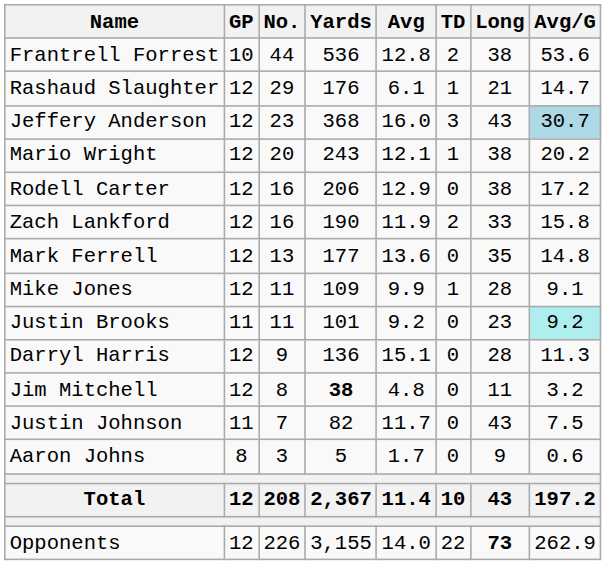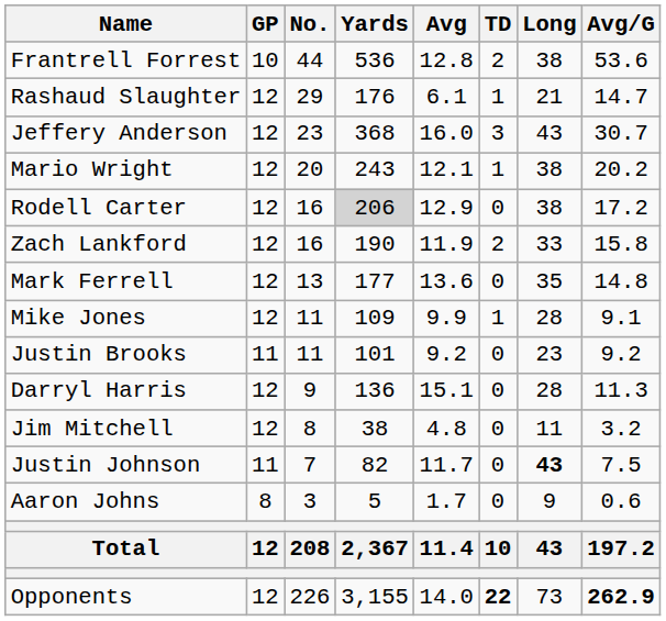 <table class=wikitable style="text-align:center;">
 <tr>
 <th>Name</th>
 <th>GP</th>
 <th>No.</th>
 <th>Yards</th>
 <th>Avg</th>
 <th>TD</th>
 <th>Long</th>
 <th>Avg/G</th>
 </tr>
 <tr>
 <td align=left>Frantrell Forrest</td>
 <td>10</td>
 <td>44</td>
 <td>536</td>
 <td>12.8</td>
 <td>2</td>
 <td>38</td>
 <td>53.6</td>
 </tr>
 <tr>
 <td align=left>Rashaud Slaughter</td>
 <td>12</td>
 <td>29</td>
 <td>176</td>
 <td>6.1</td>
 <td>1</td>
 <td>21</td>
 <td>14.7</td>
 </tr>
 <tr>
 <td align=left>Jeffery Anderson</td>
 <td>12</td>
 <td>23</td>
 <td>368</td>
 <td>16.0</td>
 <td>3</td>
 <td>43</td>
-<td style="background: lightblue;">30.7</td>
+<td>30.7</td>
 </tr>
 <tr>
 <td align=left>Mario Wright</td>
 <td>12</td>
 <td>20</td>
 <td>243</td>
 <td>12.1</td>
 <td>1</td>
 <td>38</td>
 <td>20.2</td>
 </tr>
 <tr>
 <td align=left>Rodell Carter</td>
 <td>12</td>
 <td>16</td>
-<td>206</td>
+<td style="background: lightgrey;">206</td>
 <td>12.9</td>
 <td>0</td>
 <td>38</td>
 <td>17.2</td>
 </tr>
 <tr>
 <td align=left>Zach Lankford</td>
 <td>12</td>
 <td>16</td>
 <td>190</td>
 <td>11.9</td>
 <td>2</td>
 <td>33</td>
 <td>15.8</td>
 </tr>
 <tr>
 <td align=left>Mark Ferrell</td>
 <td>12</td>
 <td>13</td>
 <td>177</td>
 <td>13.6</td>
 <td>0</td>
 <td>35</td>
 <td>14.8</td>
 </tr>
 <tr>
 <td align=left>Mike Jones</td>
 <td>12</td>
 <td>11</td>
 <td>109</td>
 <td>9.9</td>
 <td>1</td>
 <td>28</td>
 <td>9.1</td>
 </tr>
 <tr>
 <td align=left>Justin Brooks</td>
 <td>11</td>
 <td>11</td>
 <td>101</td>
 <td>9.2</td>
 <td>0</td>
 <td>23</td>
-<td style="background: paleturquoise;">9.2</td>
+<td>9.2</td>
 </tr>
 <tr>
 <td align=left>Darryl Harris</td>
 <td>12</td>
 <td>9</td>
 <td>136</td>
 <td>15.1</td>
 <td>0</td>
 <td>28</td>
 <td>11.3</td>
 </tr>
 <tr>
 <td align=left>Jim Mitchell</td>
 <td>12</td>
 <td>8</td>
-<td><strong>38</strong></td>
+<td>38</td>
 <td>4.8</td>
 <td>0</td>
 <td>11</td>
 <td>3.2</td>
 </tr>
 <tr>
 <td align=left>Justin Johnson</td>
 <td>11</td>
 <td>7</td>
 <td>82</td>
 <td>11.7</td>
 <td>0</td>
-<td>43</td>
+<td><strong>43</strong></td>
 <td>7.5</td>
 </tr>
 <tr>
 <td align=left>Aaron Johns</td>
 <td>8</td>
 <td>3</td>
 <td>5</td>
 <td>1.7</td>
 <td>0</td>
 <td>9</td>
 <td>0.6</td>
 </tr>
 <tr>
 <th colspan=8></th>
 </tr>
 <tr>
 <th>Total</th>
 <th>12</th>
 <th>208</th>
 <th>2,367</th>
 <th>11.4</th>
 <th>10</th>
 <th>43</th>
 <th>197.2</th>
 </tr>
 <tr>
 <th colspan=8></th>
 </tr>
 <tr>
 <td align=left>Opponents</td>
 <td>12</td>
 <td>226</td>
 <td>3,155</td>
 <td>14.0</td>
-<td>22</td>
-<td><strong>73</strong></td>
-<td>262.9</td>
+<td><strong>22</strong></td>
+<td>73</td>
+<td><strong>262.9</strong></td>
 </tr>
 </table>
